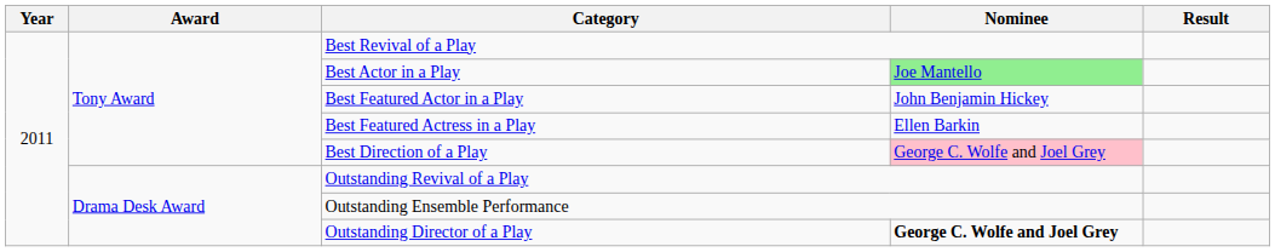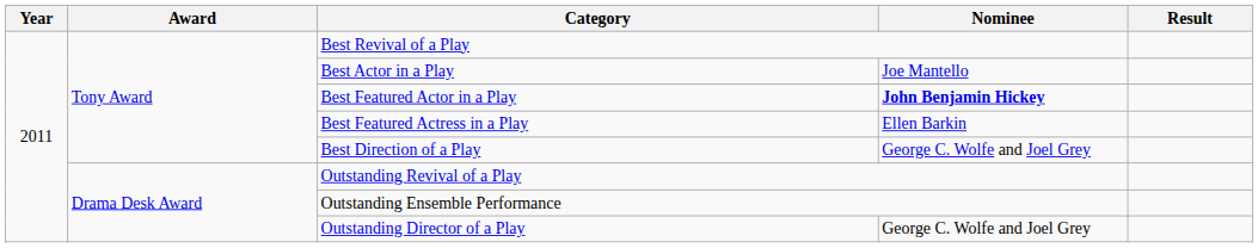 <table class="wikitable" width="95%">
 <tr>
 <th width="5%">Year</th>
 <th width="20%">Award</th>
 <th width="45%">Category</th>
 <th width="20%">Nominee</th>
 <th width="10%">Result</th>
 </tr>
 <tr>
 <td rowspan="8" align="center">2011</td>
 <td rowspan="5"><a href='#'>Tony Award</a></td>
 <td colspan="2"><a href='#'>Best Revival of a Play</a></td>
 <td></td>
 </tr>
 <tr>
 <td><a href='#'>Best Actor in a Play</a></td>
-<td style="background: lightgreen;"><a href='#'>Joe Mantello</a></td>
+<td><a href='#'>Joe Mantello</a></td>
 <td></td>
 </tr>
 <tr>
 <td><a href='#'>Best Featured Actor in a Play</a></td>
-<td><a href='#'>John Benjamin Hickey</a></td>
+<td><strong><a href='#'>John Benjamin Hickey</a></strong></td>
 <td></td>
 </tr>
 <tr>
 <td><a href='#'>Best Featured Actress in a Play</a></td>
 <td><a href='#'>Ellen Barkin</a></td>
 <td></td>
 </tr>
 <tr>
 <td><a href='#'>Best Direction of a Play</a></td>
-<td style="background: pink;"><a href='#'>George C. Wolfe</a> and <a href='#'>Joel Grey</a></td>
+<td><a href='#'>George C. Wolfe</a> and <a href='#'>Joel Grey</a></td>
 <td></td>
 </tr>
 <tr>
 <td rowspan="3"><a href='#'>Drama Desk Award</a></td>
 <td colspan="2"><a href='#'>Outstanding Revival of a Play</a></td>
 <td></td>
 </tr>
 <tr>
 <td colspan="2">Outstanding Ensemble Performance</td>
 <td></td>
 </tr>
 <tr>
 <td><a href='#'>Outstanding Director of a Play</a></td>
-<td><strong>George C. Wolfe and Joel Grey</strong></td>
+<td>George C. Wolfe and Joel Grey</td>
 <td></td>
 </tr>
 </table>
